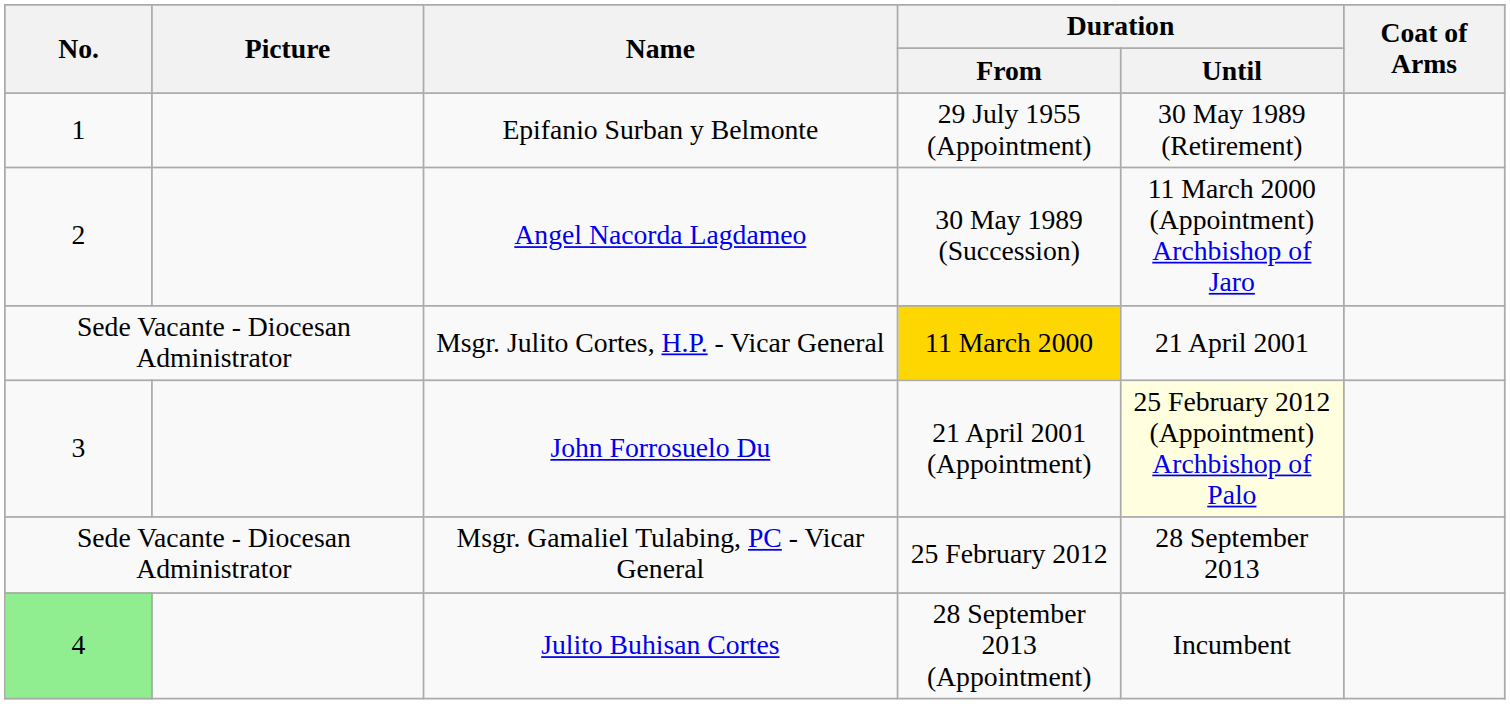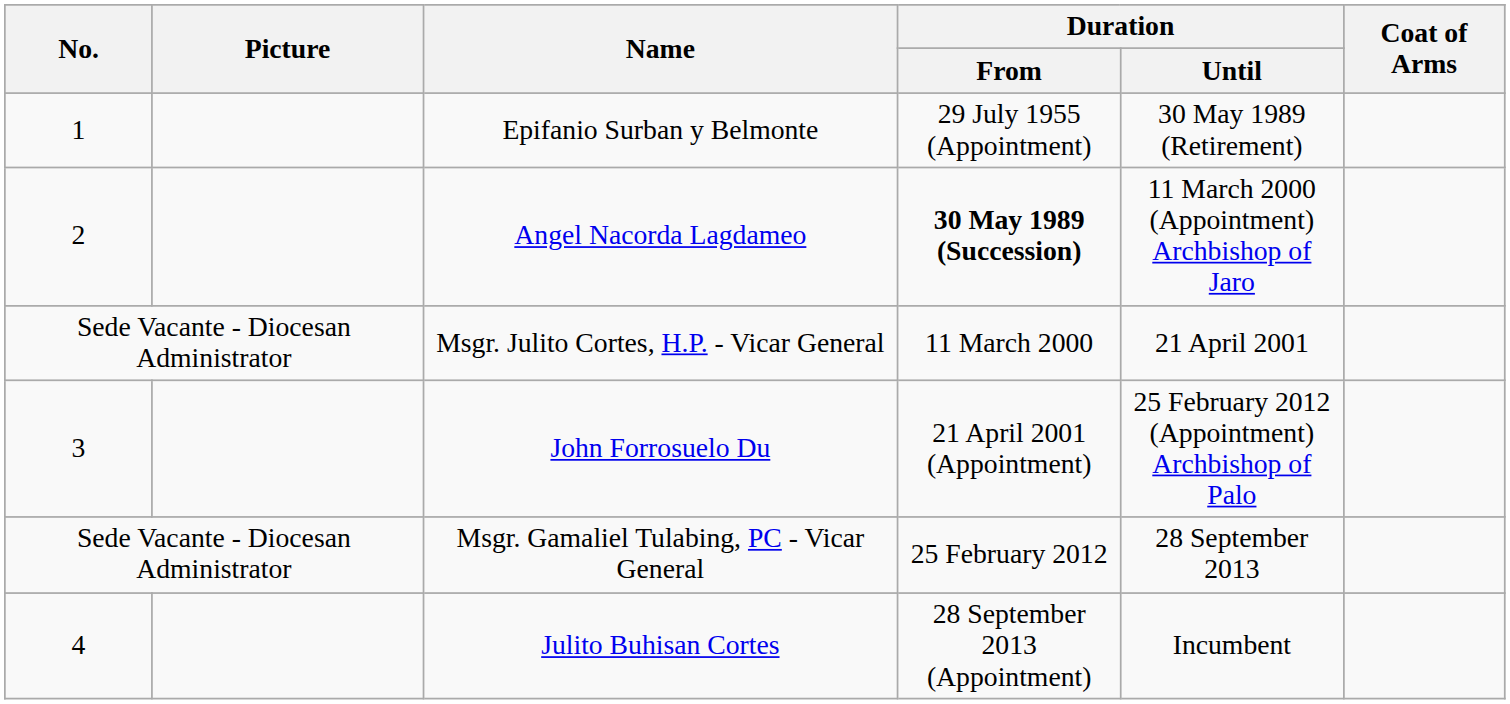 <table class="wikitable" style="text-align: center;">
 <tr>
 <th rowspan="2" scope="col">No.</th>
 <th rowspan="2" scope="col">Picture</th>
 <th rowspan="2" scope="col">Name</th>
 <th colspan="2" scope="col">Duration</th>
 <th rowspan="2" scope="col">Coat of Arms</th>
 </tr>
 <tr>
 <th scope="col">From</th>
 <th scope="col">Until</th>
 </tr>
 <tr>
 <td>1</td>
 <td></td>
 <td>Epifanio Surban y Belmonte</td>
 <td>29 July 1955<br>(Appointment)</td>
 <td>30 May 1989<br>(Retirement)</td>
 <td></td>
 </tr>
 <tr>
 <td>2</td>
 <td></td>
 <td><a href='#'>Angel Nacorda Lagdameo</a></td>
-<td>30 May 1989<br>(Succession)</td>
+<td><strong>30 May 1989<br>(Succession)</strong></td>
 <td>11 March 2000<br>(Appointment)<br><a href='#'>Archbishop of Jaro</a></td>
 <td></td>
 </tr>
 <tr>
 <td colspan="2">Sede Vacante - Diocesan Administrator</td>
 <td>Msgr. Julito Cortes, <a href='#'>H.P.</a> - Vicar General</td>
-<td style="background: gold;">11 March 2000</td>
+<td>11 March 2000</td>
 <td>21 April 2001</td>
 <td></td>
 </tr>
 <tr>
 <td>3</td>
 <td></td>
 <td><a href='#'>John Forrosuelo Du</a></td>
 <td>21 April 2001<br>(Appointment)</td>
-<td style="background: lightyellow;">25 February 2012<br>(Appointment)<br><a href='#'>Archbishop of Palo</a></td>
+<td>25 February 2012<br>(Appointment)<br><a href='#'>Archbishop of Palo</a></td>
 <td></td>
 </tr>
 <tr>
 <td colspan="2">Sede Vacante - Diocesan Administrator</td>
 <td>Msgr. Gamaliel Tulabing, <a href='#'>PC</a> - Vicar General</td>
 <td>25 February 2012</td>
 <td>28 September 2013</td>
 <td></td>
 </tr>
 <tr>
-<td style="background: lightgreen;">4</td>
+<td>4</td>
 <td></td>
 <td><a href='#'>Julito Buhisan Cortes</a></td>
 <td>28 September 2013<br>(Appointment)</td>
 <td>Incumbent</td>
 <td></td>
 </tr>
 </table>
